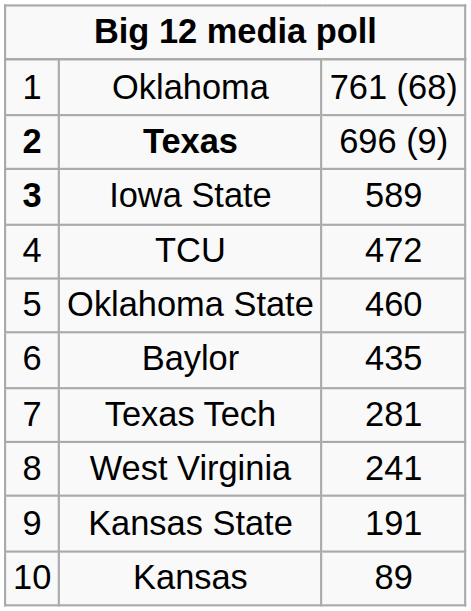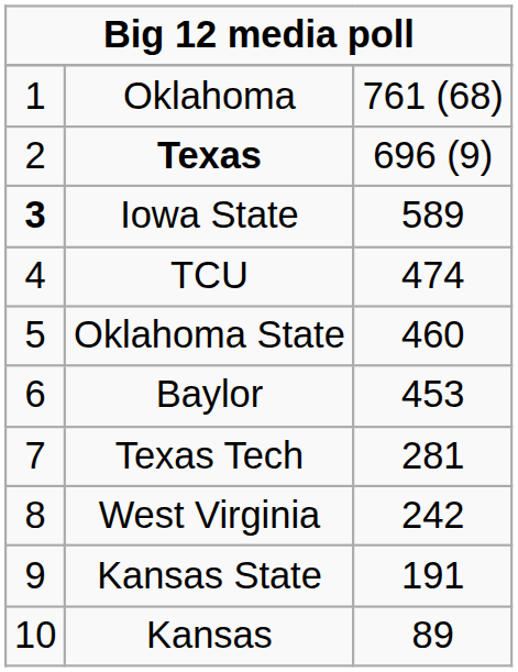 <table class="wikitable" style="display: inline-table;">
 <tr>
 <td align="center" Colspan="3"><strong>Big 12 media poll</strong></td>
 </tr>
 <tr align="center">
 </tr>
 <tr align="center">
 <td>1</td>
 <td>Oklahoma</td>
 <td>761 (68)</td>
 </tr>
 <tr align="center">
-<td><strong>2</strong></td>
+<td>2</td>
 <td><strong>Texas</strong></td>
 <td>696 (9)</td>
 </tr>
 <tr align="center">
 <td><strong>3</strong></td>
 <td>Iowa State</td>
 <td>589</td>
 </tr>
 <tr align="center">
 <td>4</td>
 <td>TCU</td>
-<td>472</td>
+<td>474</td>
 </tr>
 <tr align="center">
 <td>5</td>
 <td>Oklahoma State</td>
 <td>460</td>
 </tr>
 <tr align="center">
 <td>6</td>
 <td>Baylor</td>
-<td>435</td>
+<td>453</td>
 </tr>
 <tr align="center">
 <td>7</td>
 <td>Texas Tech</td>
 <td>281</td>
 </tr>
 <tr align="center">
 <td>8</td>
 <td>West Virginia</td>
-<td>241</td>
+<td>242</td>
 </tr>
 <tr align="center">
 <td>9</td>
 <td>Kansas State</td>
 <td>191</td>
 </tr>
 <tr align="center">
 <td>10</td>
 <td>Kansas</td>
 <td>89</td>
 </tr>
 </table>
